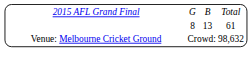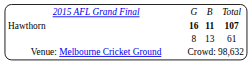 <table style="margin-right:4px; margin-top:8px; float:right; clear:right; border:1px #000 solid; border-radius:8px; background:#fff; font-family:Verdana; font-size:8pt; text-align:center;">
 <tr>
 <td style="width:200px;"><em><a href='#'>2015 AFL Grand Final</a></em></td>
 <td><em>G</em></td>
 <td><em>B</em></td>
 <td><em>Total</em></td>
+</tr>
+<tr>
+<td style="text-align:left">Hawthorn</td>
+<td><strong>16</strong></td>
+<td><strong>11</strong></td>
+<td><strong>107</strong></td>
 </tr>
 <tr>
 <td style="text-align:left"></td>
 <td>8</td>
 <td>13</td>
 <td>61</td>
 </tr>
 <tr>
 <td>Venue: <a href='#'>Melbourne Cricket Ground</a></td>
 <td colspan="3">Crowd: 98,632</td>
 </tr>
 </table>
